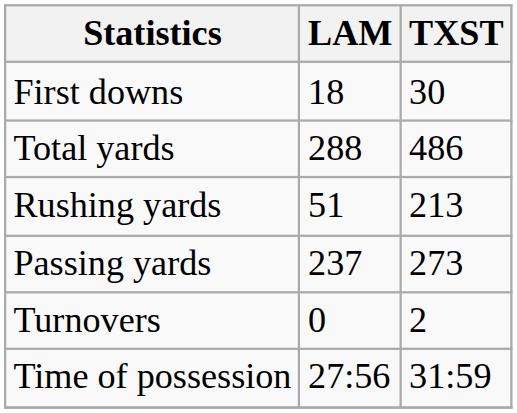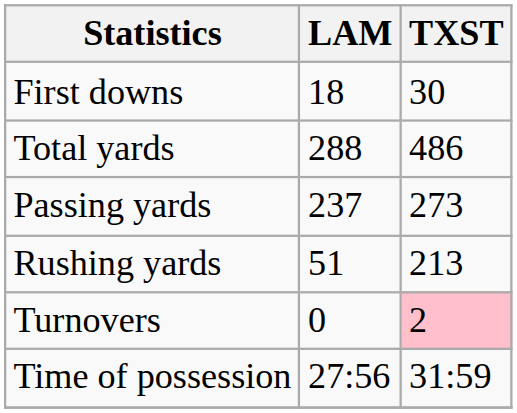 <table class="wikitable" style="float: left;">
 <tr>
 <th>Statistics</th>
 <th>LAM</th>
 <th>TXST</th>
 </tr>
 <tr>
 <td>First downs</td>
 <td>18</td>
 <td>30</td>
 </tr>
 <tr>
 <td>Total yards</td>
 <td>288</td>
 <td>486</td>
 </tr>
 <tr>
+<td>Passing yards</td>
+<td>237</td>
+<td>273</td>
+</tr>
+<tr>
 <td>Rushing yards</td>
 <td>51</td>
 <td>213</td>
 </tr>
 <tr>
-<td>Passing yards</td>
-<td>237</td>
-<td>273</td>
-</tr>
-<tr>
 <td>Turnovers</td>
 <td>0</td>
-<td>2</td>
+<td style="background: pink;">2</td>
 </tr>
 <tr>
 <td>Time of possession</td>
 <td>27:56</td>
 <td>31:59</td>
 </tr>
 <tr>
 </tr>
 </table>
